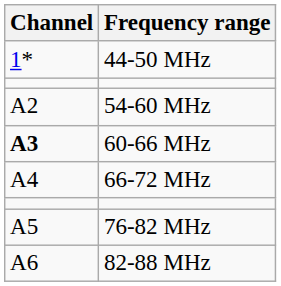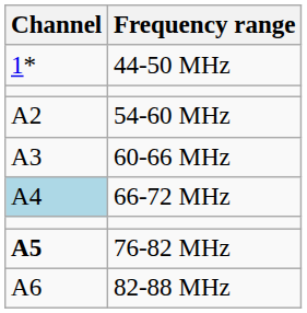 <table class="wikitable">
 <tr>
 <th>Channel</th>
 <th>Frequency range</th>
 </tr>
 <tr>
 <td><a href='#'>1</a>*</td>
 <td>44-50 MHz</td>
 </tr>
 <tr>
 <td></td>
 <td></td>
 </tr>
 <tr>
 <td>A2</td>
 <td>54-60 MHz</td>
 </tr>
 <tr>
-<td><strong>A3</strong></td>
+<td>A3</td>
 <td>60-66 MHz</td>
 </tr>
 <tr>
-<td>A4</td>
+<td style="background: lightblue;">A4</td>
 <td>66-72 MHz</td>
 </tr>
 <tr>
 <td></td>
 <td></td>
 </tr>
 <tr>
-<td>A5</td>
+<td><strong>A5</strong></td>
 <td>76-82 MHz</td>
 </tr>
 <tr>
 <td>A6</td>
 <td>82-88 MHz</td>
 </tr>
 </table>
